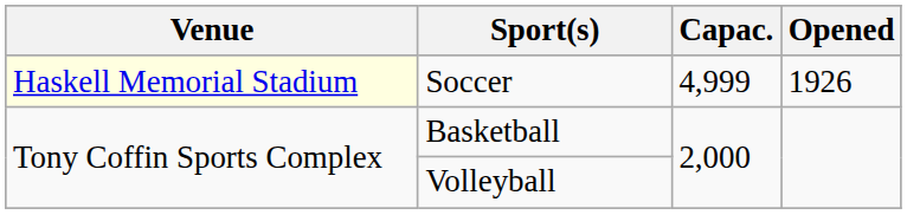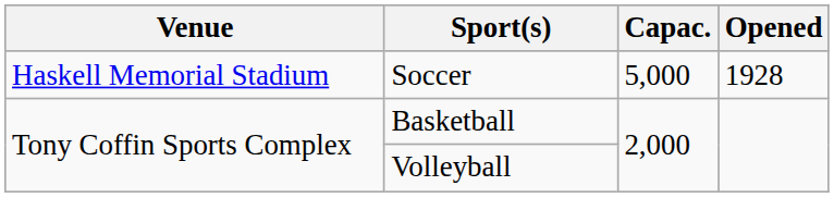 <table class="wikitable"; style= "text-align: ">
 <tr>
 <th width=200px>Venue</th>
 <th width=120px>Sport(s)</th>
 <th width=px>Capac.</th>
 <th width=px>Opened</th>
 </tr>
 <tr>
-<td style="background: lightyellow;"><a href='#'>Haskell Memorial Stadium</a></td>
+<td><a href='#'>Haskell Memorial Stadium</a></td>
 <td>Soccer</td>
-<td>4,999</td>
-<td>1926</td>
+<td>5,000</td>
+<td>1928</td>
 </tr>
 <tr>
 <td rowspan=2>Tony Coffin Sports Complex</td>
 <td>Basketball</td>
 <td rowspan=2>2,000</td>
 <td rowspan=2></td>
 </tr>
 <tr>
 <td>Volleyball</td>
 </tr>
 </table>
